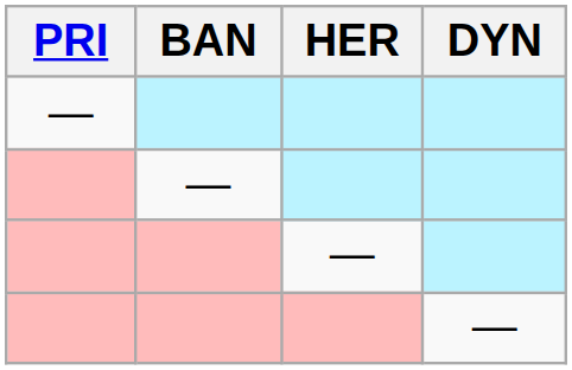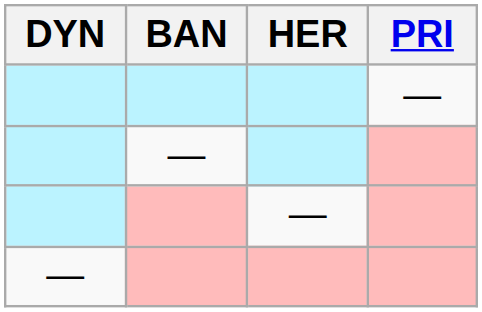 <table class="wikitable" style="text-align:center" width=200>
 <tr>
-<th width=30><a href='#'>PRI</a></th>
+<th width=30>DYN</th>
 <th width=30>BAN</th>
 <th width=30>HER</th>
-<th width=30>DYN</th>
+<th width=30><a href='#'>PRI</a></th>
+</tr>
+<tr>
+<td style="background:#bbf3ff;"></td>
+<td style="background:#bbf3ff;"></td>
+<td style="background:#bbf3ff;"></td>
+<td>—</td>
+</tr>
+<tr>
+<td style="background:#bbf3ff;"></td>
+<td>—</td>
+<td style="background:#bbf3ff;"></td>
+<td style="background:#ffbbbb;"></td>
+</tr>
+<tr>
+<td style="background:#bbf3ff;"></td>
+<td style="background:#ffbbbb;"></td>
+<td>—</td>
+<td style="background:#ffbbbb;"></td>
 </tr>
 <tr>
 <td>—</td>
-<td style="background:#bbf3ff;"></td>
-<td style="background:#bbf3ff;"></td>
-<td style="background:#bbf3ff;"></td>
-</tr>
-<tr>
-<td style="background:#ffbbbb;"></td>
-<td>—</td>
-<td style="background:#bbf3ff;"></td>
-<td style="background:#bbf3ff;"></td>
-</tr>
-<tr>
-<td style="background:#ffbbbb;"></td>
-<td style="background:#ffbbbb;"></td>
-<td>—</td>
-<td style="background:#bbf3ff;"></td>
-</tr>
-<tr>
 <td style="background:#ffbbbb;"></td>
 <td style="background:#ffbbbb;"></td>
 <td style="background:#ffbbbb;"></td>
-<td>—</td>
 </tr>
 </table>
